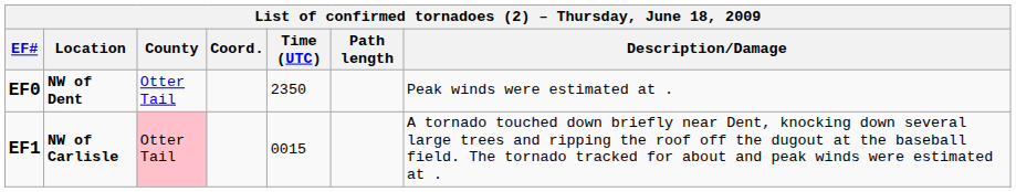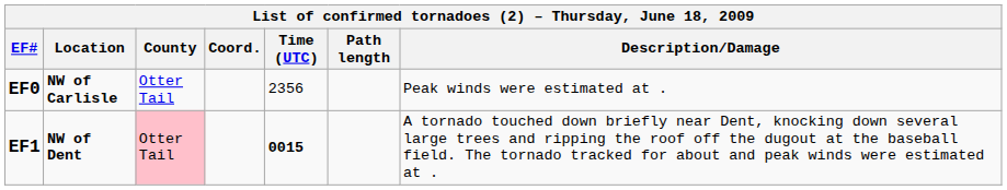 <table class="wikitable collapsible" width="100%">
 <tr>
 <th colspan="7">List of confirmed tornadoes (2) – Thursday, June 18, 2009</th>
 </tr>
 <tr>
 <th><a href='#'>EF#</a></th>
 <th>Location</th>
 <th>County</th>
 <th>Coord.</th>
 <th>Time (<a href='#'>UTC</a>)</th>
 <th>Path length</th>
 <th>Description/Damage</th>
 </tr>
 <tr>
 <td><big><strong>EF0</strong></big></td>
-<td><strong>NW of Dent</strong></td>
+<td><strong>NW of Carlisle</strong></td>
 <td><a href='#'>Otter Tail</a></td>
 <td></td>
-<td>2350</td>
+<td>2356</td>
 <td></td>
 <td>Peak winds were estimated at .</td>
 </tr>
 <tr>
 <td><big><strong>EF1</strong></big></td>
-<td><strong>NW of Carlisle</strong></td>
+<td><strong>NW of Dent</strong></td>
 <td style="background: pink;">Otter Tail</td>
 <td></td>
-<td>0015</td>
+<td><strong>0015</strong></td>
 <td></td>
 <td>A tornado touched down briefly near Dent, knocking down several large trees and ripping the roof off the dugout at the baseball field. The tornado tracked for about  and peak winds were estimated at .</td>
 </tr>
 </table>
